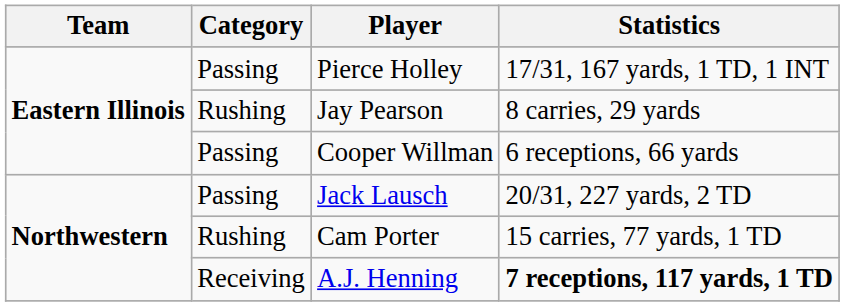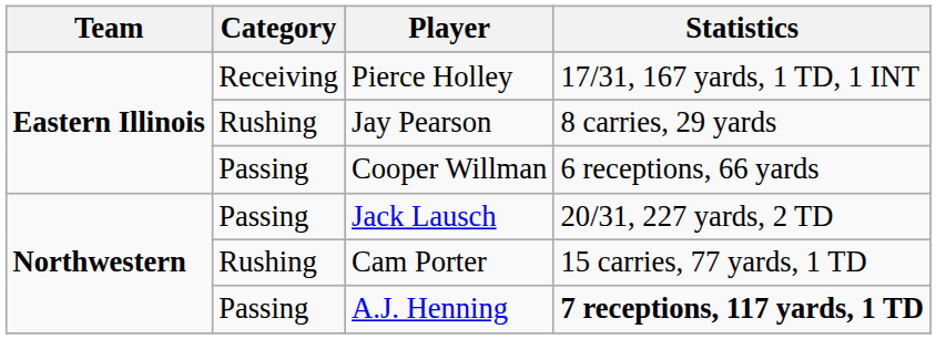 <table class="wikitable" style="float: right;">
 <tr>
 <th>Team</th>
 <th>Category</th>
 <th>Player</th>
 <th>Statistics</th>
 </tr>
 <tr>
 <td rowspan=3><strong>Eastern Illinois</strong></td>
-<td>Passing</td>
+<td>Receiving</td>
 <td>Pierce Holley</td>
 <td>17/31, 167 yards, 1 TD, 1 INT</td>
 </tr>
 <tr>
 <td>Rushing</td>
 <td>Jay Pearson</td>
 <td>8 carries, 29 yards</td>
 </tr>
 <tr>
 <td>Passing</td>
 <td>Cooper Willman</td>
 <td>6 receptions, 66 yards</td>
 </tr>
 <tr>
 <td rowspan=3><strong>Northwestern</strong></td>
 <td>Passing</td>
 <td><a href='#'>Jack Lausch</a></td>
 <td>20/31, 227 yards, 2 TD</td>
 </tr>
 <tr>
 <td>Rushing</td>
 <td>Cam Porter</td>
 <td>15 carries, 77 yards, 1 TD</td>
 </tr>
 <tr>
-<td>Receiving</td>
+<td>Passing</td>
 <td><a href='#'>A.J. Henning</a></td>
 <td><strong>7 receptions, 117 yards, 1 TD</strong></td>
 </tr>
 </table>
